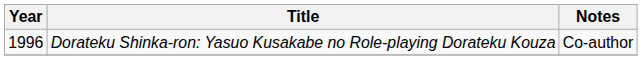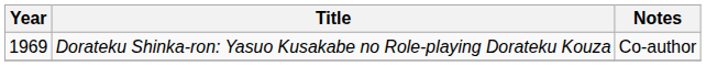 <table class="wikitable">
 <tr>
 <th>Year</th>
 <th>Title</th>
 <th>Notes</th>
 </tr>
 <tr>
-<td>1996</td>
+<td>1969</td>
 <td><em>Dorateku Shinka-ron: Yasuo Kusakabe no Role-playing Dorateku Kouza</em></td>
 <td>Co-author</td>
 </tr>
 <tr>
 </tr>
 </table>
